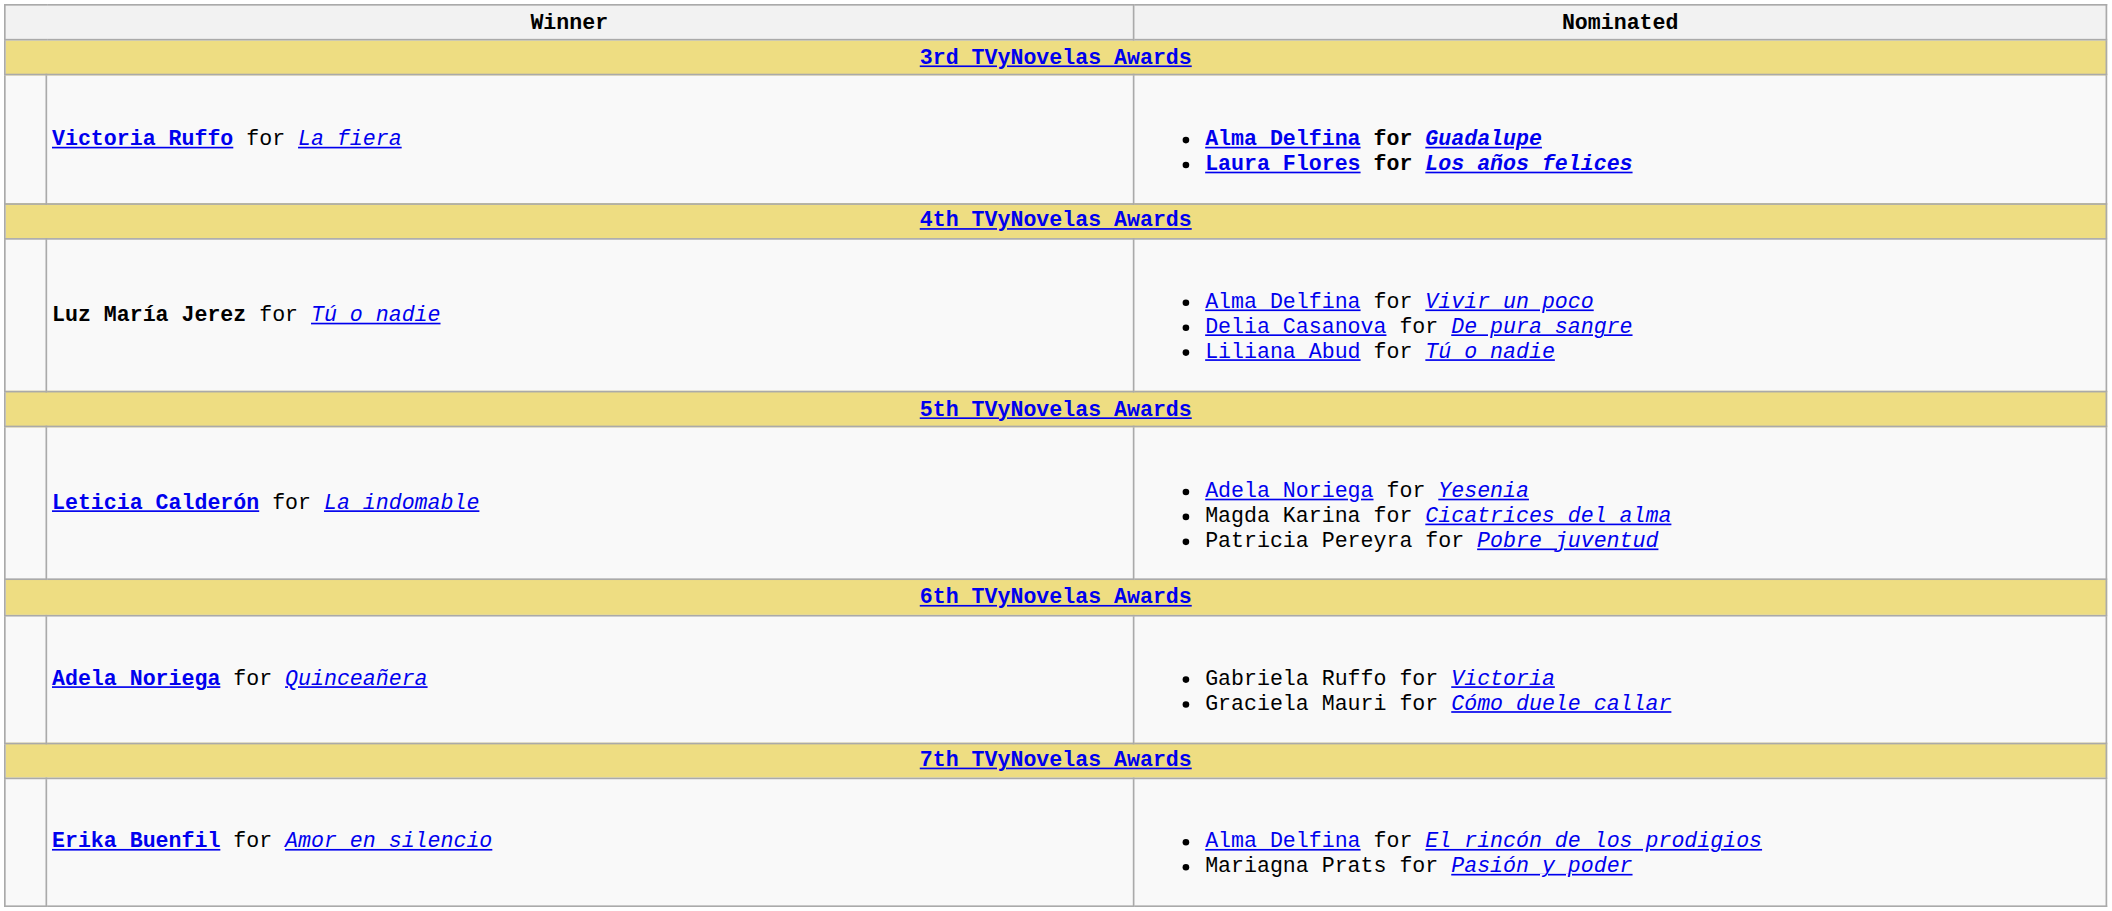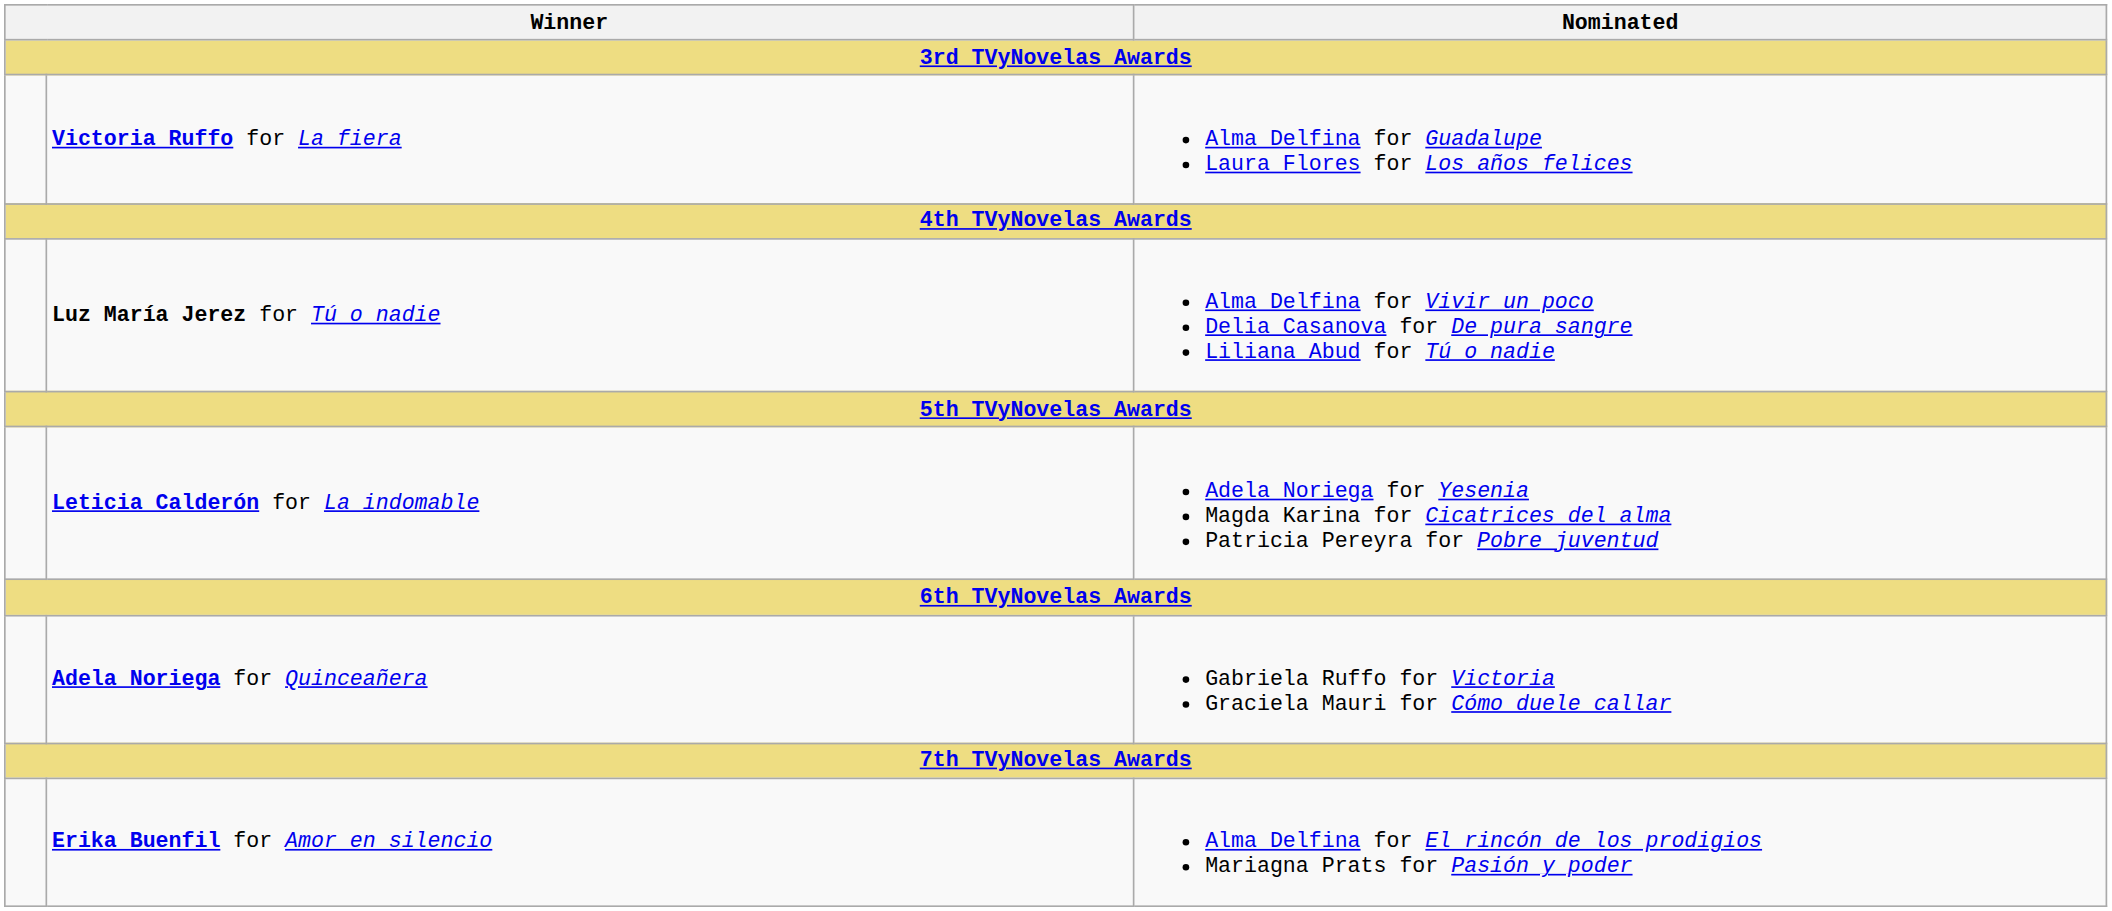 <table class="wikitable" width=80%>
 <tr align=center>
 <th width="150px;" colspan=2; align="center">Winner</th>
 <th width="580px;" align="center">Nominated</th>
 </tr>
 <tr>
 <th colspan=9 style="background:#EEDD82;"  align="center"><strong><a href='#'>3rd TVyNovelas Awards</a></strong></th>
 </tr>
 <tr>
 <td width=2%></td>
 <td><strong><a href='#'>Victoria Ruffo</a></strong> for <em><a href='#'>La fiera</a></em></td>
-<td><strong><br><ul><li><a href='#'>Alma Delfina</a> for <em><a href='#'>Guadalupe</a></em></li><li><a href='#'>Laura Flores</a> for <em><a href='#'>Los años felices</a></em></li></ul></strong></td>
+<td><br><ul><li><a href='#'>Alma Delfina</a> for <em><a href='#'>Guadalupe</a></em></li><li><a href='#'>Laura Flores</a> for <em><a href='#'>Los años felices</a></em></li></ul></td>
 </tr>
 <tr>
 <th colspan=9 style="background:#EEDD82;"  align="center"><strong><a href='#'>4th TVyNovelas Awards</a></strong></th>
 </tr>
 <tr>
 <td width=2%></td>
 <td><strong>Luz María Jerez</strong> for <em><a href='#'>Tú o nadie</a></em></td>
 <td><br><ul><li><a href='#'>Alma Delfina</a> for <em><a href='#'>Vivir un poco</a></em></li><li><a href='#'>Delia Casanova</a> for <em><a href='#'>De pura sangre</a></em></li><li><a href='#'>Liliana Abud</a> for <em><a href='#'>Tú o nadie</a></em></li></ul></td>
 </tr>
 <tr>
 <th colspan=9 style="background:#EEDD82;"  align="center"><strong><a href='#'>5th TVyNovelas Awards</a></strong></th>
 </tr>
 <tr>
 <td width=2%></td>
 <td><strong><a href='#'>Leticia Calderón</a></strong> for <em><a href='#'>La indomable</a></em></td>
 <td><br><ul><li><a href='#'>Adela Noriega</a> for <em><a href='#'>Yesenia</a></em></li><li>Magda Karina for <em><a href='#'>Cicatrices del alma</a></em></li><li>Patricia Pereyra for <em><a href='#'>Pobre juventud</a></em></li></ul></td>
 </tr>
 <tr>
 <th colspan=9 style="background:#EEDD82;"  align="center"><strong><a href='#'>6th TVyNovelas Awards</a></strong></th>
 </tr>
 <tr>
 <td width=2%></td>
 <td><strong><a href='#'>Adela Noriega</a></strong> for <em><a href='#'>Quinceañera</a></em></td>
 <td><br><ul><li>Gabriela Ruffo for <em><a href='#'>Victoria</a></em></li><li>Graciela Mauri for <em><a href='#'>Cómo duele callar</a></em></li></ul></td>
 </tr>
 <tr>
 <th colspan=9 style="background:#EEDD82;"  align="center"><strong><a href='#'>7th TVyNovelas Awards</a></strong></th>
 </tr>
 <tr>
 <td width=2%></td>
 <td><strong><a href='#'>Erika Buenfil</a></strong> for <em><a href='#'>Amor en silencio</a></em></td>
 <td><br><ul><li><a href='#'>Alma Delfina</a> for <em><a href='#'>El rincón de los prodigios</a></em></li><li>Mariagna Prats for <em><a href='#'>Pasión y poder</a></em></li></ul></td>
 </tr>
 </table>
